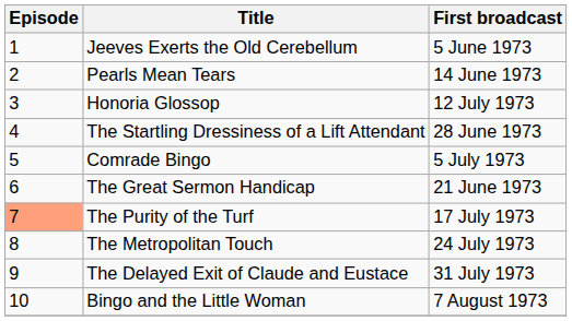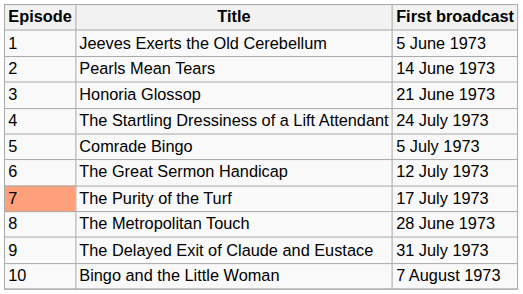 <table class="wikitable">
 <tr>
 <th>Episode</th>
 <th>Title</th>
 <th>First broadcast</th>
 </tr>
 <tr>
 <td>1</td>
 <td>Jeeves Exerts the Old Cerebellum</td>
 <td>5 June 1973</td>
 </tr>
 <tr>
 <td>2</td>
 <td>Pearls Mean Tears</td>
 <td>14 June 1973</td>
 </tr>
 <tr>
 <td>3</td>
 <td>Honoria Glossop</td>
-<td>12 July 1973</td>
+<td>21 June 1973</td>
 </tr>
 <tr>
 <td>4</td>
 <td>The Startling Dressiness of a Lift Attendant</td>
-<td>28 June 1973</td>
+<td>24 July 1973</td>
 </tr>
 <tr>
 <td>5</td>
 <td>Comrade Bingo</td>
 <td>5 July 1973</td>
 </tr>
 <tr>
 <td>6</td>
 <td>The Great Sermon Handicap</td>
-<td>21 June 1973</td>
+<td>12 July 1973</td>
 </tr>
 <tr>
 <td style="background: lightsalmon;">7</td>
 <td>The Purity of the Turf</td>
 <td>17 July 1973</td>
 </tr>
 <tr>
 <td>8</td>
 <td>The Metropolitan Touch</td>
-<td>24 July 1973</td>
+<td>28 June 1973</td>
 </tr>
 <tr>
 <td>9</td>
 <td>The Delayed Exit of Claude and Eustace</td>
 <td>31 July 1973</td>
 </tr>
 <tr>
 <td>10</td>
 <td>Bingo and the Little Woman</td>
 <td>7 August 1973</td>
 </tr>
 <tr>
 </tr>
 </table>
